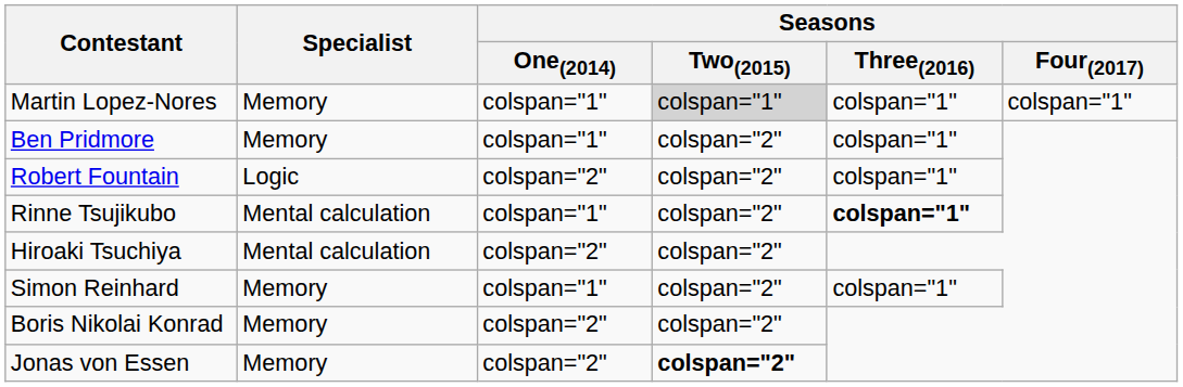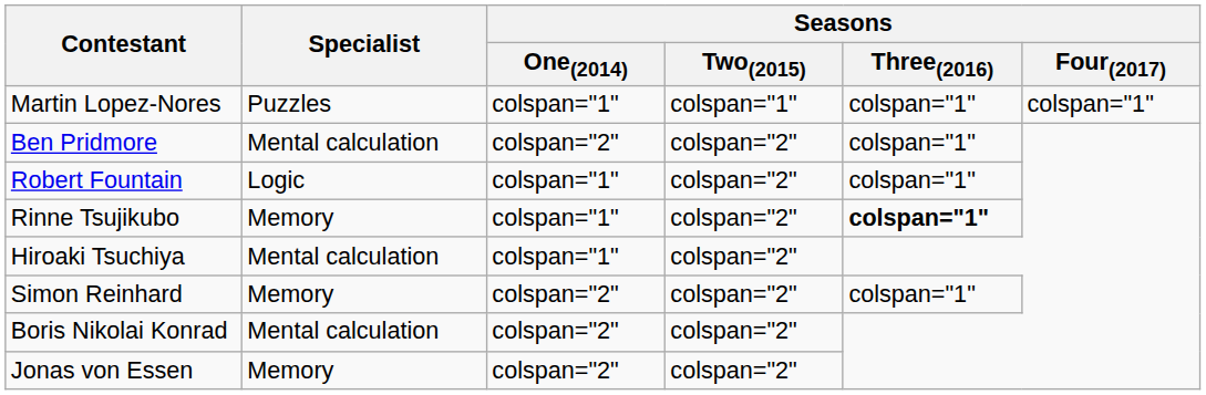 <table class="wikitable" style="margin:0.5em auto; width:800px;">
 <tr>
 <th rowspan="2" width="135">Contestant</th>
 <th rowspan="2" width="140">Specialist</th>
 <th colspan=4 style=text-align:center;>Seasons</th>
 </tr>
 <tr>
 <th ! width="100">One<sub>(2014)</sub></th>
 <th width="100">Two<sub>(2015)</sub></th>
 <th width="100">Three<sub>(2016)</sub></th>
 <th width="100">Four<sub>(2017)</sub></th>
 </tr>
 <tr>
 <td>Martin Lopez-Nores</td>
-<td>Memory</td>
+<td>Puzzles</td>
 <td>colspan="1" </td>
-<td style="background: lightgrey;">colspan="1" </td>
+<td>colspan="1" </td>
 <td>colspan="1" </td>
 <td>colspan="1" </td>
 </tr>
 <tr>
 <td><a href='#'>Ben Pridmore</a></td>
-<td>Memory</td>
-<td>colspan="1" </td>
+<td>Mental calculation</td>
+<td>colspan="2" </td>
 <td>colspan="2" </td>
 <td>colspan="1" </td>
 </tr>
 <tr>
 <td><a href='#'>Robert Fountain</a></td>
 <td>Logic</td>
-<td>colspan="2" </td>
+<td>colspan="1" </td>
 <td>colspan="2" </td>
 <td>colspan="1" </td>
 </tr>
 <tr>
 <td>Rinne Tsujikubo</td>
-<td>Mental calculation</td>
+<td>Memory</td>
 <td>colspan="1" </td>
 <td>colspan="2" </td>
 <td><strong>colspan="1" </strong></td>
 </tr>
 <tr>
 <td>Hiroaki Tsuchiya</td>
 <td>Mental calculation</td>
-<td>colspan="2" </td>
+<td>colspan="1" </td>
 <td>colspan="2" </td>
 </tr>
 <tr>
 <td>Simon Reinhard</td>
 <td>Memory</td>
-<td>colspan="1" </td>
+<td>colspan="2" </td>
 <td>colspan="2" </td>
 <td>colspan="1" </td>
 </tr>
 <tr>
 <td>Boris Nikolai Konrad</td>
-<td>Memory</td>
+<td>Mental calculation</td>
 <td>colspan="2" </td>
 <td>colspan="2" </td>
 </tr>
 <tr>
 <td>Jonas von Essen</td>
 <td>Memory</td>
 <td>colspan="2" </td>
-<td><strong>colspan="2" </strong></td>
+<td>colspan="2" </td>
 </tr>
 </table>
